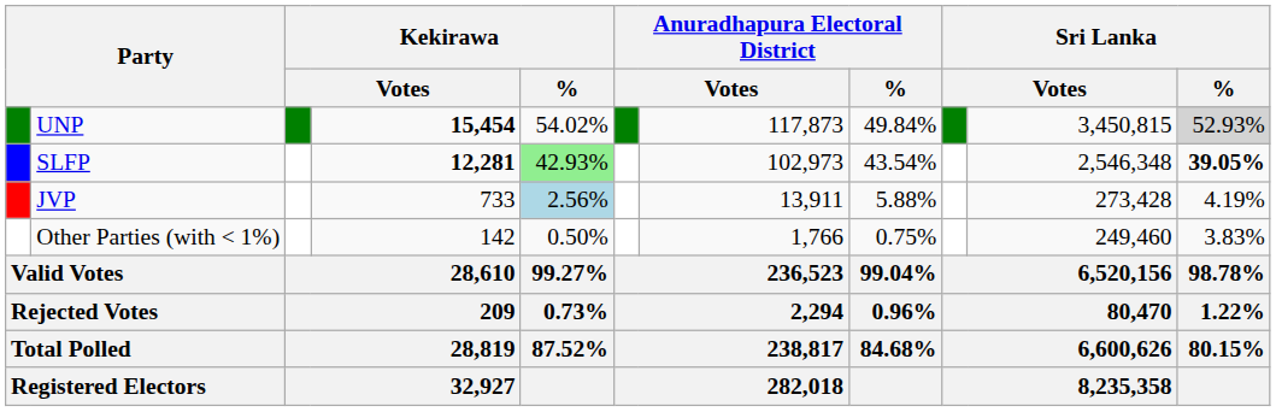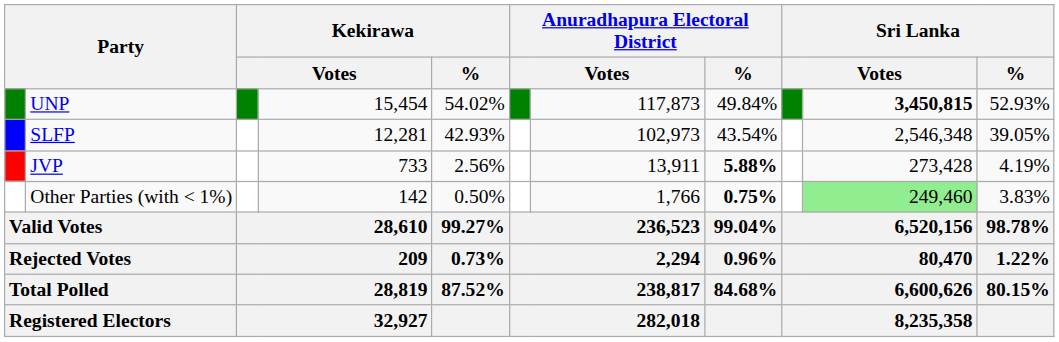 <table class="wikitable">
 <tr>
 <th colspan="2" width="144px"rowspan="2">Party</th>
 <th colspan="3" width="216px">Kekirawa</th>
 <th colspan="3" width="216px"><a href='#'>Anuradhapura Electoral District</a></th>
 <th colspan="3" width="216px">Sri Lanka</th>
 </tr>
 <tr>
 <th colspan="2" width="144px">Votes</th>
 <th>%</th>
 <th colspan="2" width="144px">Votes</th>
 <th>%</th>
 <th colspan="2" width="144px">Votes</th>
 <th>%</th>
 </tr>
 <tr>
 <td style="background-color:green;" width="10px"></td>
 <td style="text-align:left;"><a href='#'>UNP</a></td>
 <td style="background-color:green;" width="10px"></td>
-<td style="text-align:right;"><strong>15,454</strong></td>
+<td style="text-align:right;">15,454</td>
 <td style="text-align:right;">54.02%</td>
 <td style="background-color:green;" width="10px"></td>
 <td style="text-align:right;">117,873</td>
 <td style="text-align:right;">49.84%</td>
 <td style="background-color:green;" width="10px"></td>
-<td style="text-align:right;">3,450,815</td>
-<td style="background: lightgrey; text-align:right;">52.93%</td>
+<td style="text-align:right;"><strong>3,450,815</strong></td>
+<td style="text-align:right;">52.93%</td>
 </tr>
 <tr>
 <td style="background-color:blue;" width="10px"></td>
 <td style="text-align:left;"><a href='#'>SLFP</a></td>
 <td style="background-color:white;" width="10px"></td>
-<td style="text-align:right;"><strong>12,281</strong></td>
-<td style="background: lightgreen; text-align:right;">42.93%</td>
+<td style="text-align:right;">12,281</td>
+<td style="text-align:right;">42.93%</td>
 <td style="background-color:white;" width="10px"></td>
 <td style="text-align:right;">102,973</td>
 <td style="text-align:right;">43.54%</td>
 <td style="background-color:white;" width="10px"></td>
 <td style="text-align:right;">2,546,348</td>
-<td style="text-align:right;"><strong>39.05%</strong></td>
+<td style="text-align:right;">39.05%</td>
 </tr>
 <tr>
 <td style="background-color:red;" width="10px"></td>
 <td style="text-align:left;"><a href='#'>JVP</a></td>
 <td style="background-color:white;" width="10px"></td>
 <td style="text-align:right;">733</td>
-<td style="background: lightblue; text-align:right;">2.56%</td>
+<td style="text-align:right;">2.56%</td>
 <td style="background-color:white;" width="10px"></td>
 <td style="text-align:right;">13,911</td>
-<td style="text-align:right;">5.88%</td>
+<td style="text-align:right;"><strong>5.88%</strong></td>
 <td style="background-color:white;" width="10px"></td>
 <td style="text-align:right;">273,428</td>
 <td style="text-align:right;">4.19%</td>
 </tr>
 <tr>
 <td style="background-color:white;" width="10px"></td>
 <td style="text-align:left;">Other Parties (with < 1%)</td>
 <td style="background-color:white;" width="10px"></td>
 <td style="text-align:right;">142</td>
 <td style="text-align:right;">0.50%</td>
 <td style="background-color:white;" width="10px"></td>
 <td style="text-align:right;">1,766</td>
-<td style="text-align:right;">0.75%</td>
+<td style="text-align:right;"><strong>0.75%</strong></td>
 <td style="background-color:white;" width="10px"></td>
-<td style="text-align:right;">249,460</td>
+<td style="background: lightgreen; text-align:right;">249,460</td>
 <td style="text-align:right;">3.83%</td>
 </tr>
 <tr>
 <th colspan="2" width="144px"style="text-align:left;">Valid Votes</th>
 <th style="text-align:right;"colspan="2" width="144px">28,610</th>
 <th style="text-align:right;">99.27%</th>
 <th style="text-align:right;"colspan="2" width="144px">236,523</th>
 <th style="text-align:right;">99.04%</th>
 <th style="text-align:right;"colspan="2" width="144px">6,520,156</th>
 <th style="text-align:right;">98.78%</th>
 </tr>
 <tr>
 <th colspan="2" width="144px"style="text-align:left;">Rejected Votes</th>
 <th style="text-align:right;"colspan="2" width="144px">209</th>
 <th style="text-align:right;">0.73%</th>
 <th style="text-align:right;"colspan="2" width="144px">2,294</th>
 <th style="text-align:right;">0.96%</th>
 <th style="text-align:right;"colspan="2" width="144px">80,470</th>
 <th style="text-align:right;">1.22%</th>
 </tr>
 <tr>
 <th colspan="2" width="144px"style="text-align:left;">Total Polled</th>
 <th style="text-align:right;"colspan="2" width="144px">28,819</th>
 <th style="text-align:right;">87.52%</th>
 <th style="text-align:right;"colspan="2" width="144px">238,817</th>
 <th style="text-align:right;">84.68%</th>
 <th style="text-align:right;"colspan="2" width="144px">6,600,626</th>
 <th style="text-align:right;">80.15%</th>
 </tr>
 <tr>
 <th colspan="2" width="144px"style="text-align:left;">Registered Electors</th>
 <th style="text-align:right;"colspan="2" width="144px">32,927</th>
 <th></th>
 <th style="text-align:right;"colspan="2" width="144px">282,018</th>
 <th></th>
 <th style="text-align:right;"colspan="2" width="144px">8,235,358</th>
 <th></th>
 </tr>
 </table>
